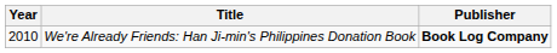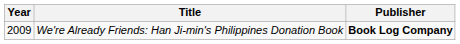 <table class="wikitable sortable">
 <tr>
 <th scope="col">Year</th>
 <th scope="col">Title</th>
 <th>Publisher</th>
 </tr>
 <tr>
-<td>2010</td>
+<td>2009</td>
 <td><em>We're Already Friends: Han Ji-min's Philippines Donation Book</em></td>
 <td><strong>Book Log Company</strong></td>
 </tr>
 </table>
